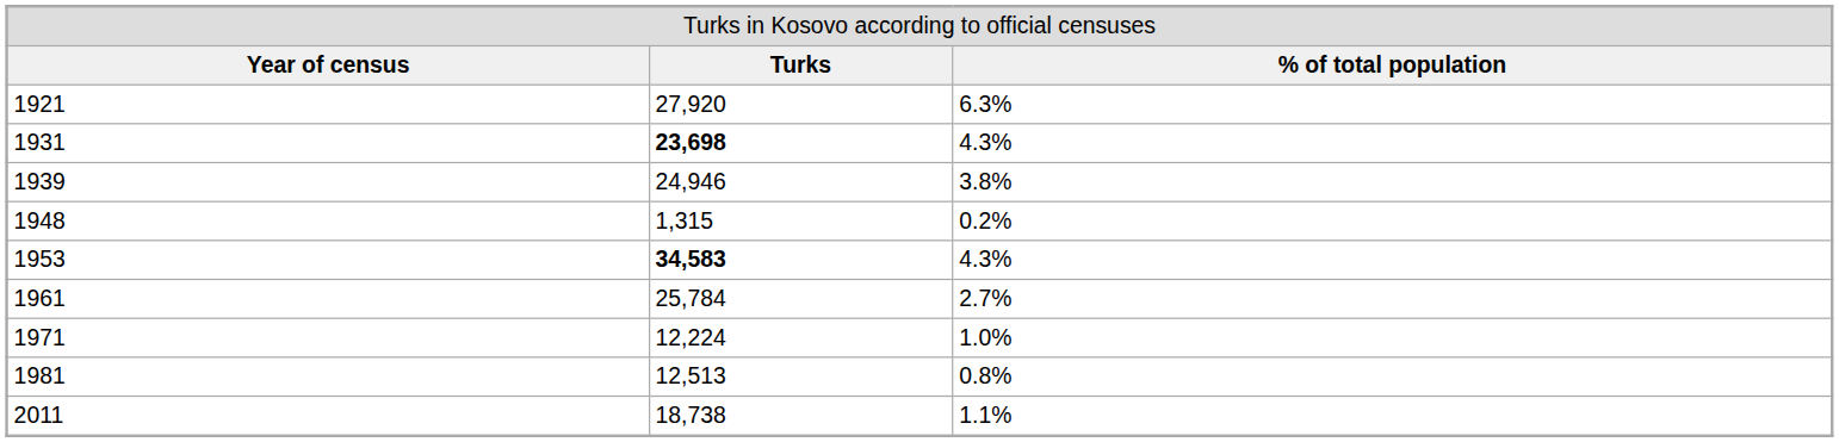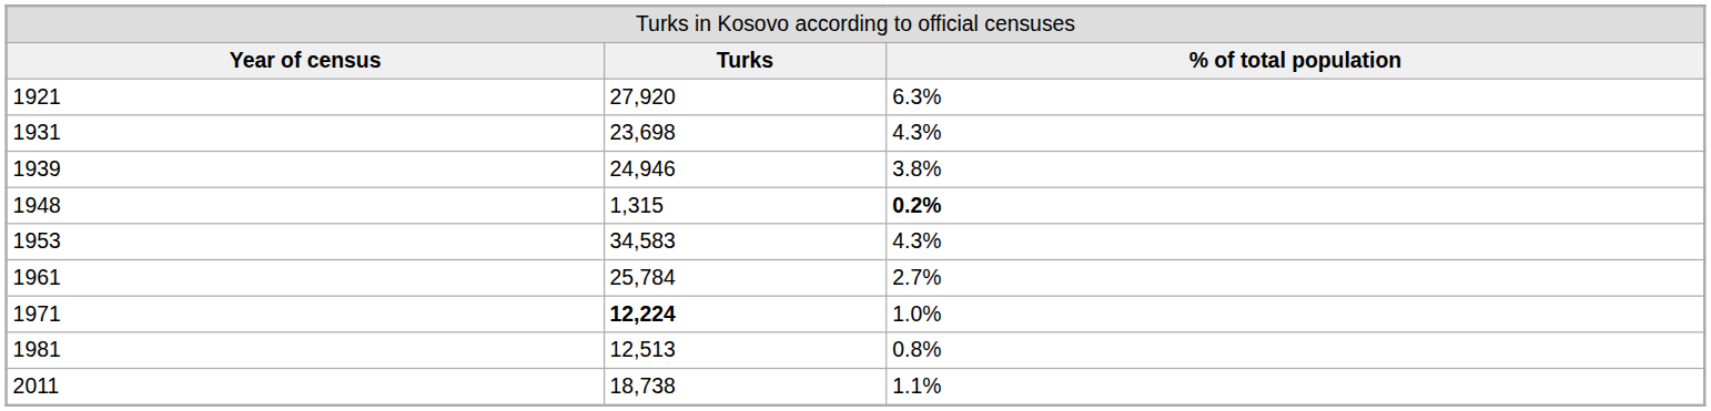 <table cellpadding="4" cellspacing="0" width=80% align="center" rules="all" style="margin: 1em; background: #ffffff; border: 2px solid #aaa; font-size: 100%;">
 <tr bgcolor=#DDDDDD>
 <td colspan=8 align="center">Turks in Kosovo according to official censuses</td>
 </tr>
 <tr bgcolor=#f0f0f0 align="center">
 <th>Year of census</th>
 <th>Turks</th>
 <th>% of total population</th>
 </tr>
 <tr>
 <td>1921</td>
 <td>27,920</td>
 <td>6.3%</td>
 </tr>
 <tr>
 <td>1931</td>
-<td><strong>23,698</strong></td>
+<td>23,698</td>
 <td>4.3%</td>
 </tr>
 <tr>
 <td>1939</td>
 <td>24,946</td>
 <td>3.8%</td>
 </tr>
 <tr>
 <td>1948</td>
 <td>1,315</td>
-<td>0.2%</td>
+<td><strong>0.2%</strong></td>
 </tr>
 <tr>
 <td>1953</td>
-<td><strong>34,583</strong></td>
+<td>34,583</td>
 <td>4.3%</td>
 </tr>
 <tr>
 <td>1961</td>
 <td>25,784</td>
 <td>2.7%</td>
 </tr>
 <tr>
 <td>1971</td>
-<td>12,224</td>
+<td><strong>12,224</strong></td>
 <td>1.0%</td>
 </tr>
 <tr>
 <td>1981</td>
 <td>12,513</td>
 <td>0.8%</td>
 </tr>
 <tr>
 <td>2011</td>
 <td>18,738</td>
 <td>1.1%</td>
 </tr>
 </table>
